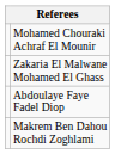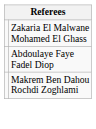 <table class="wikitable" style="display:inline-table;">
 <tr>
 <th colspan=2>Referees</th>
-</tr>
-<tr>
-<td></td>
-<td>Mohamed Chouraki<br>Achraf El Mounir</td>
 </tr>
 <tr>
 <td></td>
 <td>Zakaria El Malwane<br>Mohamed El Ghass</td>
 </tr>
 <tr>
 <td></td>
 <td>Abdoulaye Faye<br>Fadel Diop</td>
 </tr>
 <tr>
 <td></td>
 <td>Makrem Ben Dahou<br>Rochdi Zoghlami</td>
 </tr>
 </table>
